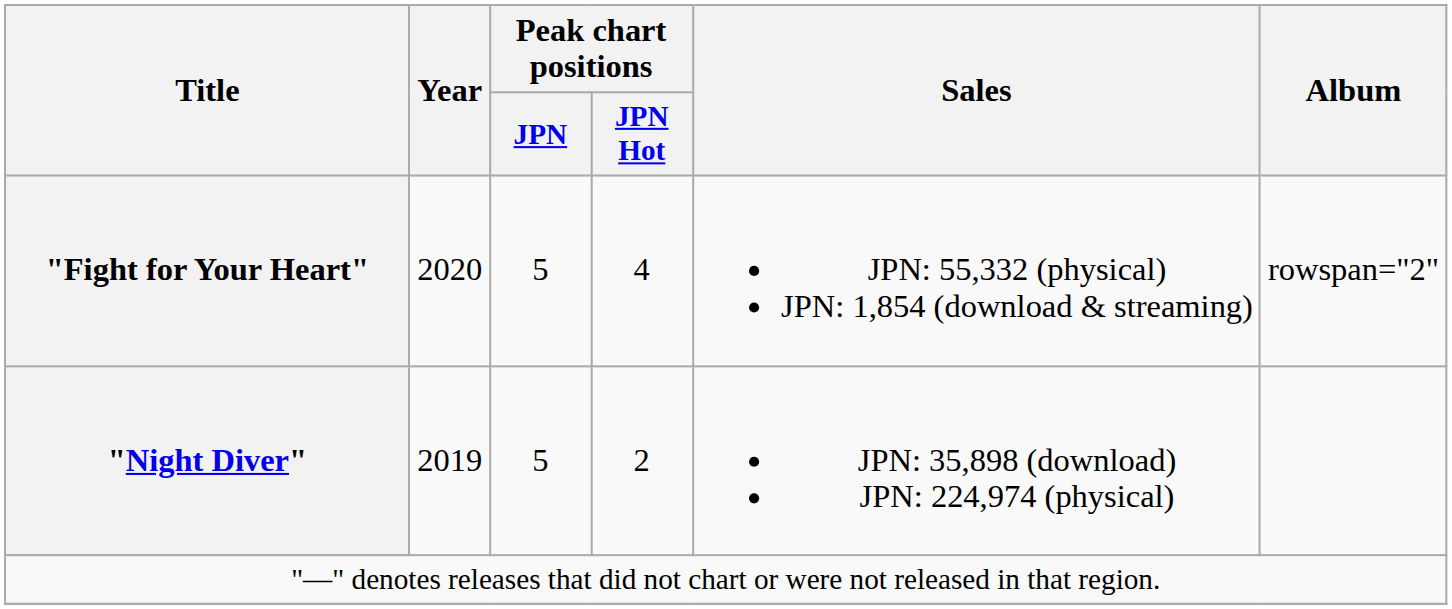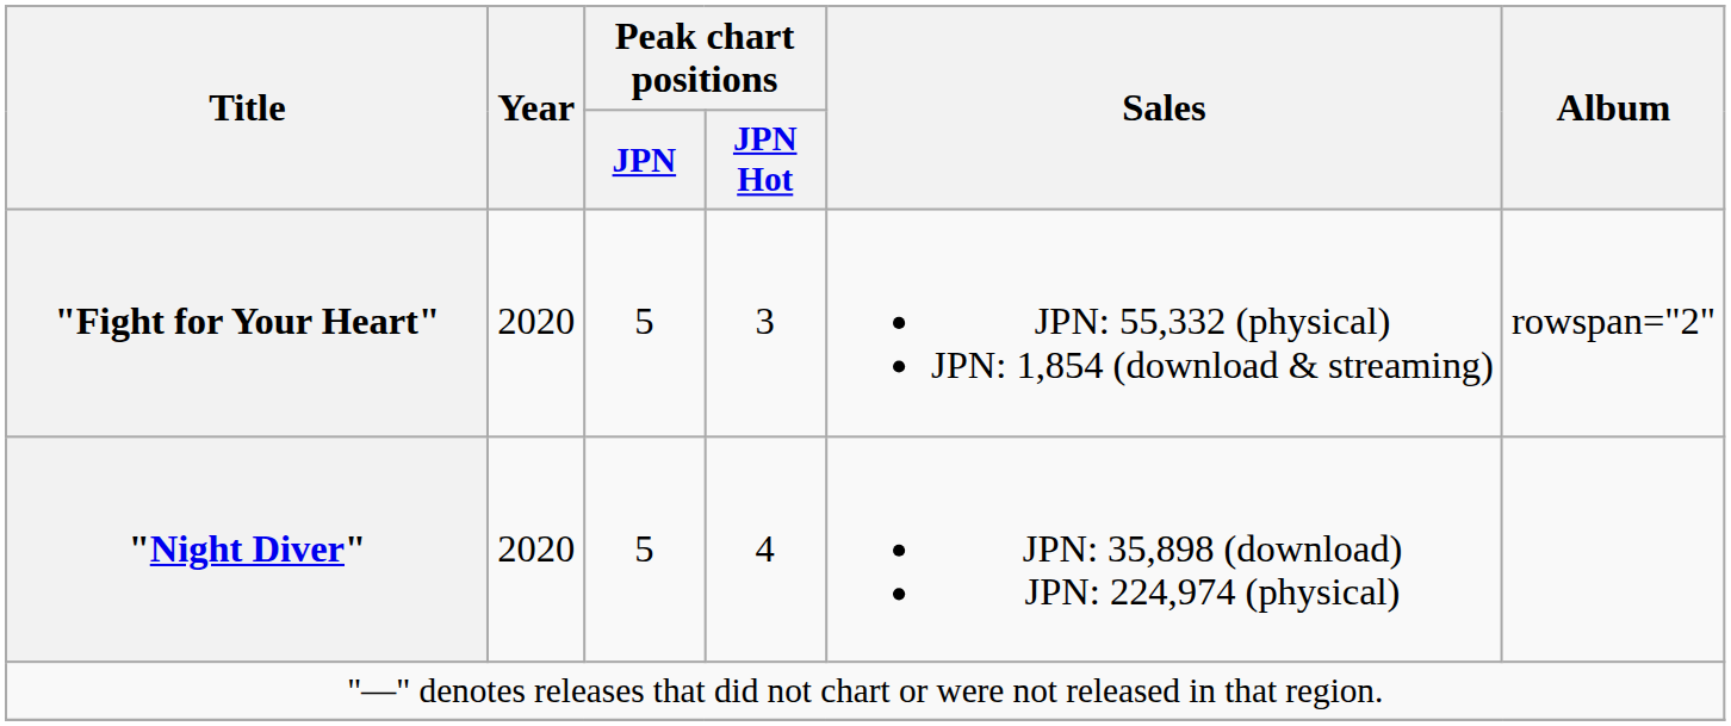 <table class="wikitable plainrowheaders" style="text-align:center;">
 <tr>
 <th scope="col" rowspan="2" style="width:12em;">Title</th>
 <th scope="col" rowspan="2">Year</th>
 <th scope="col" colspan="2">Peak chart positions</th>
 <th scope="col" rowspan="2">Sales<br></th>
 <th scope="col" rowspan="2">Album</th>
 </tr>
 <tr>
 <th scope="col" style="width:3em;font-size:90%;"><a href='#'>JPN</a><br></th>
 <th scope="col" style="width:3em;font-size:90%;"><a href='#'>JPN<br>Hot</a><br></th>
 </tr>
 <tr>
 <th scope="row">"Fight for Your Heart"</th>
 <td>2020</td>
 <td>5</td>
-<td>4</td>
+<td>3</td>
 <td><br><ul><li>JPN: 55,332 (physical)</li><li>JPN: 1,854 (download & streaming)</li></ul></td>
 <td>rowspan="2" </td>
 </tr>
 <tr>
 <th scope="row">"<a href='#'>Night Diver</a>"</th>
-<td>2019</td>
+<td>2020</td>
 <td>5</td>
-<td>2</td>
+<td>4</td>
 <td><br><ul><li>JPN: 35,898 (download)</li><li>JPN: 224,974 (physical)</li></ul></td>
 </tr>
 <tr>
 <td colspan="6" style="font-size:90%;">"—" denotes releases that did not chart or were not released in that region.</td>
 </tr>
 <tr>
 </tr>
 </table>
